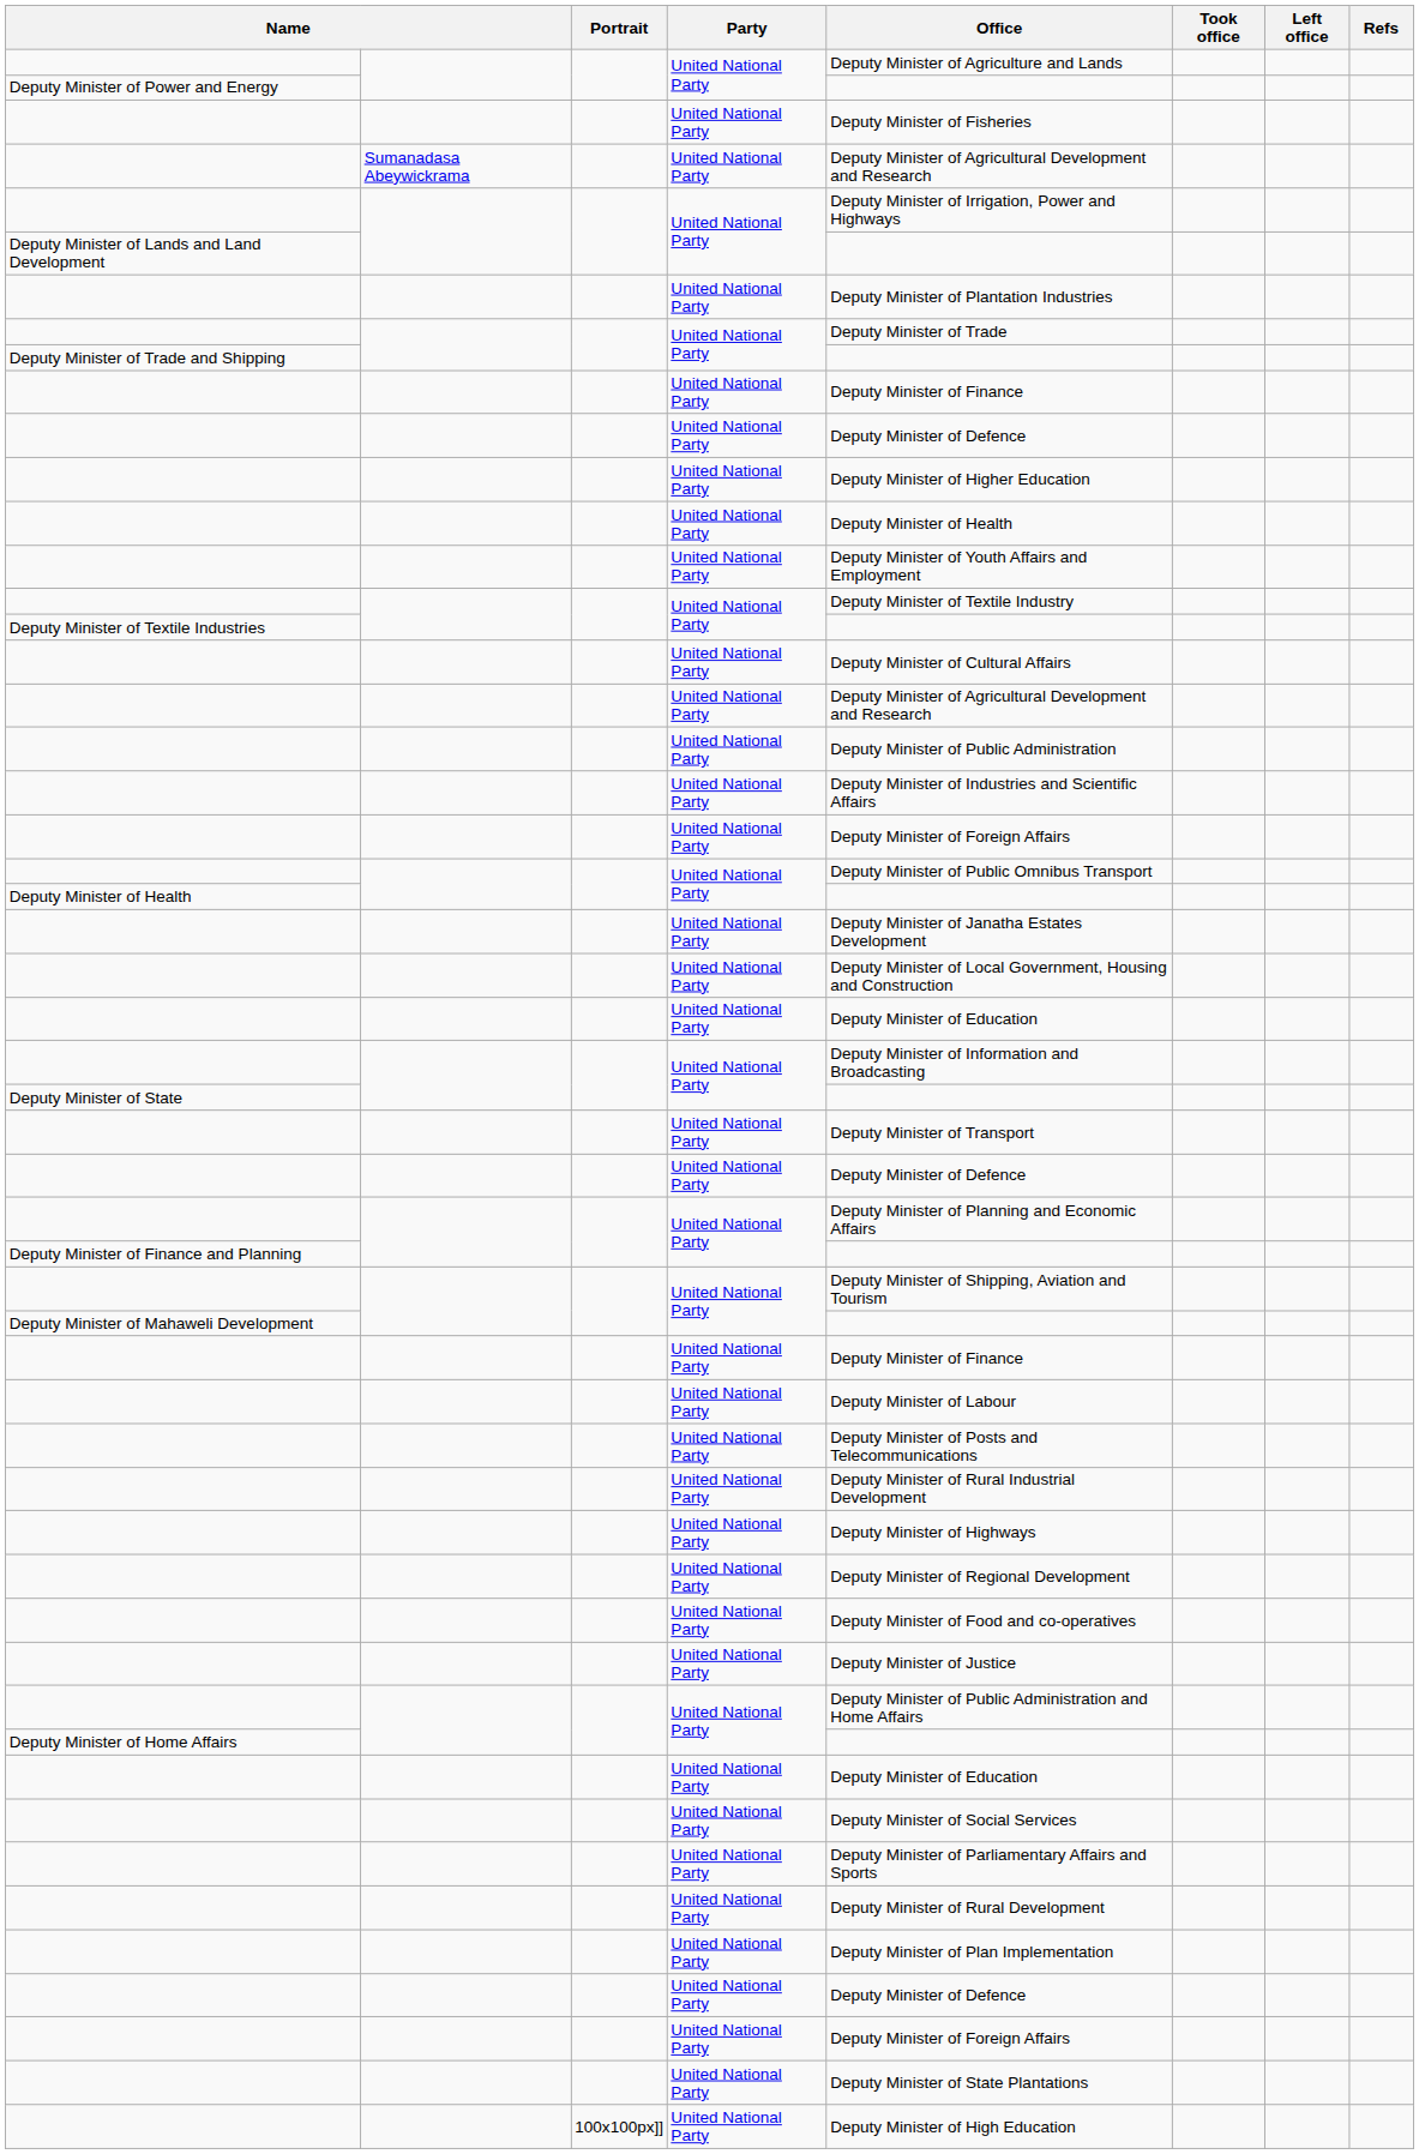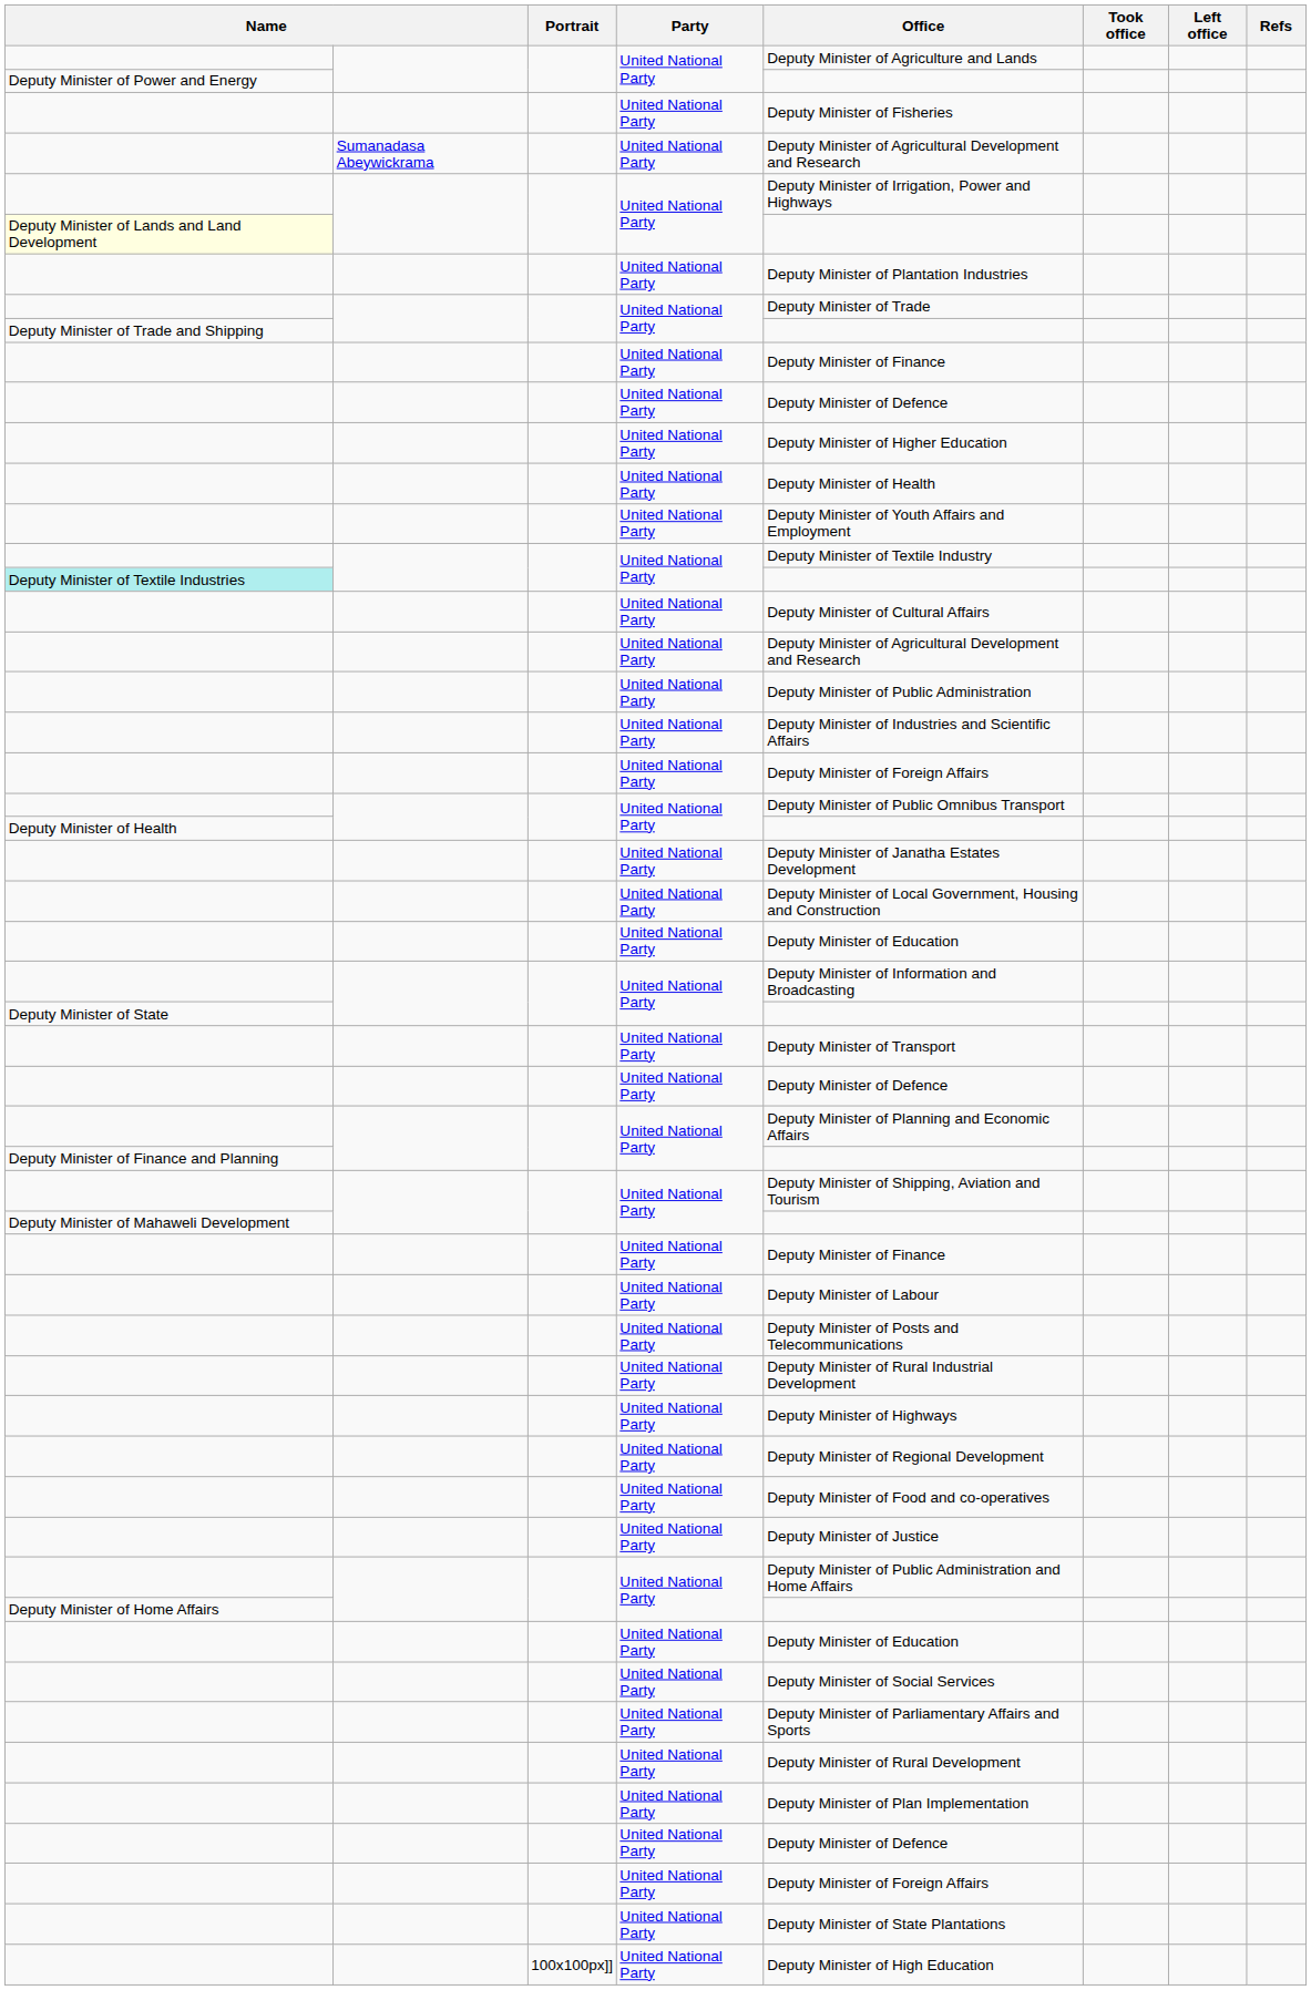 <table class="wikitable plainrowheaders sortable" style="font-size:90%; text-align:left;">
 <tr>
 <th scope=col colspan="2">Name</th>
 <th scope=col class=unsortable>Portrait</th>
 <th scope=col>Party</th>
 <th scope=col width=300px>Office</th>
 <th scope=col>Took office</th>
 <th scope=col>Left office</th>
 <th scope=col width=50px class=unsortable>Refs</th>
 </tr>
 <tr>
 <td !align="center" style="background:"></td>
 <td rowspan=2></td>
 <td align=center rowspan=2></td>
 <td rowspan=2><a href='#'>United National Party</a></td>
 <td>Deputy Minister of Agriculture and Lands</td>
 <td align=center></td>
 <td></td>
 <td align=center></td>
 </tr>
 <tr>
 <td>Deputy Minister of Power and Energy</td>
 <td align=center></td>
 <td></td>
 <td align=center></td>
 </tr>
 <tr>
 <td !align="center" style="background:"></td>
 <td></td>
 <td align=center></td>
 <td><a href='#'>United National Party</a></td>
 <td>Deputy Minister of Fisheries</td>
 <td align=center></td>
 <td></td>
 <td align=center></td>
 </tr>
 <tr>
 <td !align="center" style="background:"></td>
 <td><a href='#'>Sumanadasa Abeywickrama</a></td>
 <td align="center"></td>
 <td><a href='#'>United National Party</a></td>
 <td>Deputy Minister of Agricultural Development and Research</td>
 <td></td>
 <td></td>
 <td align=center></td>
 </tr>
 <tr>
 <td !align="center" style="background:"></td>
 <td rowspan=2></td>
 <td align=center rowspan=2></td>
 <td rowspan=2><a href='#'>United National Party</a></td>
 <td>Deputy Minister of Irrigation, Power and Highways</td>
 <td align=center></td>
 <td></td>
 <td align=center></td>
 </tr>
 <tr>
-<td>Deputy Minister of Lands and Land Development</td>
+<td style="background: lightyellow;">Deputy Minister of Lands and Land Development</td>
 <td align=center></td>
 <td></td>
 <td align=center></td>
 </tr>
 <tr>
 <td !align="center" style="background:"></td>
 <td></td>
 <td align=center></td>
 <td><a href='#'>United National Party</a></td>
 <td>Deputy Minister of Plantation Industries</td>
 <td align=center></td>
 <td></td>
 <td align=center></td>
 </tr>
 <tr>
 <td !align="center" style="background:"></td>
 <td rowspan=2></td>
 <td align=center rowspan=2></td>
 <td rowspan=2><a href='#'>United National Party</a></td>
 <td>Deputy Minister of Trade</td>
 <td align=center></td>
 <td></td>
 <td align=center></td>
 </tr>
 <tr>
 <td>Deputy Minister of Trade and Shipping</td>
 <td align=center></td>
 <td></td>
 <td align=center></td>
 </tr>
 <tr>
 <td !align="center" style="background:"></td>
 <td></td>
 <td align=center></td>
 <td><a href='#'>United National Party</a></td>
 <td>Deputy Minister of Finance</td>
 <td align=center></td>
 <td align=center></td>
 <td align=center></td>
 </tr>
 <tr>
 <td !align="center" style="background:"></td>
 <td></td>
 <td align=center></td>
 <td><a href='#'>United National Party</a></td>
 <td>Deputy Minister of Defence</td>
 <td align=center></td>
 <td></td>
 <td align=center></td>
 </tr>
 <tr>
 <td !align="center" style="background:"></td>
 <td></td>
 <td align=center></td>
 <td><a href='#'>United National Party</a></td>
 <td>Deputy Minister of Higher Education</td>
 <td></td>
 <td></td>
 <td align=center></td>
 </tr>
 <tr>
 <td !align="center" style="background:"></td>
 <td></td>
 <td align=center></td>
 <td><a href='#'>United National Party</a></td>
 <td>Deputy Minister of Health</td>
 <td align=center></td>
 <td></td>
 <td align=center></td>
 </tr>
 <tr>
 <td !align="center" style="background:"></td>
 <td></td>
 <td align=center></td>
 <td><a href='#'>United National Party</a></td>
 <td>Deputy Minister of Youth Affairs and Employment</td>
 <td></td>
 <td></td>
 <td align=center></td>
 </tr>
 <tr>
 <td !align="center" style="background:"></td>
 <td rowspan=2></td>
 <td align=center rowspan=2></td>
 <td rowspan=2><a href='#'>United National Party</a></td>
 <td>Deputy Minister of Textile Industry</td>
 <td align=center></td>
 <td></td>
 <td align=center></td>
 </tr>
 <tr>
-<td>Deputy Minister of Textile Industries</td>
+<td style="background: paleturquoise;">Deputy Minister of Textile Industries</td>
 <td align=center></td>
 <td></td>
 <td align=center></td>
 </tr>
 <tr>
 <td !align="center" style="background:"></td>
 <td></td>
 <td align=center></td>
 <td><a href='#'>United National Party</a></td>
 <td>Deputy Minister of Cultural Affairs</td>
 <td align=center></td>
 <td></td>
 <td align=center></td>
 </tr>
 <tr>
 <td !align="center" style="background:"></td>
 <td></td>
 <td align=center></td>
 <td><a href='#'>United National Party</a></td>
 <td>Deputy Minister of Agricultural Development and Research</td>
 <td></td>
 <td></td>
 <td align=center></td>
 </tr>
 <tr>
 <td !align="center" style="background:"></td>
 <td></td>
 <td align=center></td>
 <td><a href='#'>United National Party</a></td>
 <td>Deputy Minister of Public Administration</td>
 <td align=center></td>
 <td></td>
 <td align=center></td>
 </tr>
 <tr>
 <td !align="center" style="background:"></td>
 <td></td>
 <td align=center></td>
 <td><a href='#'>United National Party</a></td>
 <td>Deputy Minister of Industries and Scientific Affairs</td>
 <td align=center></td>
 <td></td>
 <td align=center></td>
 </tr>
 <tr>
 <td !align="center" style="background:"></td>
 <td></td>
 <td align=center></td>
 <td><a href='#'>United National Party</a></td>
 <td>Deputy Minister of Foreign Affairs</td>
 <td></td>
 <td></td>
 <td align=center></td>
 </tr>
 <tr>
 <td !align="center" style="background:"></td>
 <td rowspan=2></td>
 <td align=center rowspan=2></td>
 <td rowspan=2><a href='#'>United National Party</a></td>
 <td>Deputy Minister of Public Omnibus Transport</td>
 <td></td>
 <td></td>
 <td align=center></td>
 </tr>
 <tr>
 <td>Deputy Minister of Health</td>
 <td align=center></td>
 <td></td>
 <td align=center></td>
 </tr>
 <tr>
 <td !align="center" style="background:"></td>
 <td></td>
 <td align=center></td>
 <td><a href='#'>United National Party</a></td>
 <td>Deputy Minister of Janatha Estates Development</td>
 <td align=center></td>
 <td></td>
 <td align=center></td>
 </tr>
 <tr>
 <td !align="center" style="background:"></td>
 <td></td>
 <td align=center></td>
 <td><a href='#'>United National Party</a></td>
 <td>Deputy Minister of Local Government, Housing and Construction</td>
 <td align=center></td>
 <td></td>
 <td align=center></td>
 </tr>
 <tr>
 <td !align="center" style="background:"></td>
 <td></td>
 <td align=center></td>
 <td><a href='#'>United National Party</a></td>
 <td>Deputy Minister of Education</td>
 <td align=center></td>
 <td></td>
 <td align=center></td>
 </tr>
 <tr>
 <td !align="center" style="background:"></td>
 <td rowspan=2></td>
 <td align=center rowspan=2></td>
 <td rowspan=2><a href='#'>United National Party</a></td>
 <td>Deputy Minister of Information and Broadcasting</td>
 <td align=center></td>
 <td></td>
 <td align=center></td>
 </tr>
 <tr>
 <td>Deputy Minister of State</td>
 <td align=center></td>
 <td></td>
 <td align=center></td>
 </tr>
 <tr>
 <td !align="center" style="background:"></td>
 <td></td>
 <td align=center></td>
 <td><a href='#'>United National Party</a></td>
 <td>Deputy Minister of Transport</td>
 <td align=center></td>
 <td></td>
 <td align=center></td>
 </tr>
 <tr>
 <td !align="center" style="background:"></td>
 <td></td>
 <td align=center></td>
 <td><a href='#'>United National Party</a></td>
 <td>Deputy Minister of Defence</td>
 <td></td>
 <td></td>
 <td align=center></td>
 </tr>
 <tr>
 <td !align="center" style="background:"></td>
 <td rowspan=2></td>
 <td align=center rowspan=2></td>
 <td rowspan=2><a href='#'>United National Party</a></td>
 <td>Deputy Minister of Planning and Economic Affairs</td>
 <td align=center></td>
 <td></td>
 <td align=center></td>
 </tr>
 <tr>
 <td>Deputy Minister of Finance and Planning</td>
 <td align=center></td>
 <td align=center></td>
 <td align=center></td>
 </tr>
 <tr>
 <td !align="center" style="background:"></td>
 <td rowspan=2></td>
 <td align=center rowspan=2></td>
 <td rowspan=2><a href='#'>United National Party</a></td>
 <td>Deputy Minister of Shipping, Aviation and Tourism</td>
 <td align=center></td>
 <td></td>
 <td align=center></td>
 </tr>
 <tr>
 <td>Deputy Minister of Mahaweli Development</td>
 <td align=center></td>
 <td></td>
 <td align=center></td>
 </tr>
 <tr>
 <td !align="center" style="background:"></td>
 <td></td>
 <td align=center></td>
 <td><a href='#'>United National Party</a></td>
 <td>Deputy Minister of Finance</td>
 <td align=center></td>
 <td align=center></td>
 <td align=center></td>
 </tr>
 <tr>
 <td !align="center" style="background:"></td>
 <td></td>
 <td align=center></td>
 <td><a href='#'>United National Party</a></td>
 <td>Deputy Minister of Labour</td>
 <td align=center></td>
 <td></td>
 <td align=center></td>
 </tr>
 <tr>
 <td !align="center" style="background:"></td>
 <td></td>
 <td align=center></td>
 <td><a href='#'>United National Party</a></td>
 <td>Deputy Minister of Posts and Telecommunications</td>
 <td align=center></td>
 <td></td>
 <td align=center></td>
 </tr>
 <tr>
 <td !align="center" style="background:"></td>
 <td></td>
 <td align=center></td>
 <td><a href='#'>United National Party</a></td>
 <td>Deputy Minister of Rural Industrial Development</td>
 <td></td>
 <td></td>
 <td align=center></td>
 </tr>
 <tr>
 <td !align="center" style="background:"></td>
 <td></td>
 <td align=center></td>
 <td><a href='#'>United National Party</a></td>
 <td>Deputy Minister of Highways</td>
 <td></td>
 <td></td>
 <td align=center></td>
 </tr>
 <tr>
 <td !align="center" style="background:"></td>
 <td></td>
 <td align=center></td>
 <td><a href='#'>United National Party</a></td>
 <td>Deputy Minister of Regional Development</td>
 <td></td>
 <td></td>
 <td align=center></td>
 </tr>
 <tr>
 <td !align="center" style="background:"></td>
 <td></td>
 <td align=center></td>
 <td><a href='#'>United National Party</a></td>
 <td>Deputy Minister of Food and co-operatives</td>
 <td align=center></td>
 <td></td>
 <td align=center></td>
 </tr>
 <tr>
 <td !align="center" style="background:"></td>
 <td></td>
 <td align=center></td>
 <td><a href='#'>United National Party</a></td>
 <td>Deputy Minister of Justice</td>
 <td align=center></td>
 <td></td>
 <td align=center></td>
 </tr>
 <tr>
 <td !align="center" style="background:"></td>
 <td rowspan=2></td>
 <td align=center rowspan=2></td>
 <td rowspan=2><a href='#'>United National Party</a></td>
 <td>Deputy Minister of Public Administration and Home Affairs</td>
 <td align=center></td>
 <td></td>
 <td align=center></td>
 </tr>
 <tr>
 <td>Deputy Minister of Home Affairs</td>
 <td align=center></td>
 <td></td>
 <td align=center></td>
 </tr>
 <tr>
 <td !align="center" style="background:"></td>
 <td></td>
 <td align=center></td>
 <td><a href='#'>United National Party</a></td>
 <td>Deputy Minister of Education</td>
 <td></td>
 <td></td>
 <td align=center></td>
 </tr>
 <tr>
 <td !align="center" style="background:"></td>
 <td></td>
 <td align=center></td>
 <td><a href='#'>United National Party</a></td>
 <td>Deputy Minister of Social Services</td>
 <td align=center></td>
 <td></td>
 <td align=center></td>
 </tr>
 <tr>
 <td !align="center" style="background:"></td>
 <td></td>
 <td align=center></td>
 <td><a href='#'>United National Party</a></td>
 <td>Deputy Minister of Parliamentary Affairs and Sports</td>
 <td align=center></td>
 <td></td>
 <td align=center></td>
 </tr>
 <tr>
 <td !align="center" style="background:"></td>
 <td></td>
 <td align=center></td>
 <td><a href='#'>United National Party</a></td>
 <td>Deputy Minister of Rural Development</td>
 <td></td>
 <td></td>
 <td align=center></td>
 </tr>
 <tr>
 <td !align="center" style="background:"></td>
 <td></td>
 <td align=center></td>
 <td><a href='#'>United National Party</a></td>
 <td>Deputy Minister of Plan Implementation</td>
 <td align=center></td>
 <td></td>
 <td align=center></td>
 </tr>
 <tr>
 <td !align="center" style="background:"></td>
 <td></td>
 <td align=center></td>
 <td><a href='#'>United National Party</a></td>
 <td>Deputy Minister of Defence</td>
 <td align=center></td>
 <td></td>
 <td align=center></td>
 </tr>
 <tr>
 <td !align="center" style="background:"></td>
 <td></td>
 <td align=center></td>
 <td><a href='#'>United National Party</a></td>
 <td>Deputy Minister of Foreign Affairs</td>
 <td align=center></td>
 <td></td>
 <td align=center></td>
 </tr>
 <tr>
 <td !align="center" style="background:"></td>
 <td></td>
 <td align=center></td>
 <td><a href='#'>United National Party</a></td>
 <td>Deputy Minister of State Plantations</td>
 <td></td>
 <td></td>
 <td align=center></td>
 </tr>
 <tr>
 <td !align="center" style="background:"></td>
 <td></td>
 <td align=center>100x100px]]</td>
 <td><a href='#'>United National Party</a></td>
 <td>Deputy Minister of High Education</td>
 <td align=center></td>
 <td></td>
 <td align=center></td>
 </tr>
 </table>
